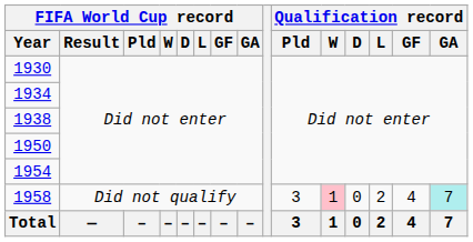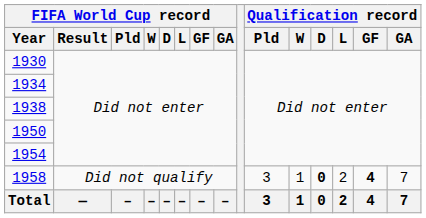 <table class="wikitable" style="text-align: center;">
 <tr>
 <th colspan=8><a href='#'>FIFA World Cup</a> record</th>
 <th rowspan=9></th>
 <th colspan=6><a href='#'>Qualification</a> record</th>
 </tr>
 <tr>
 <th>Year</th>
 <th>Result</th>
 <th>Pld</th>
 <th>W</th>
 <th>D</th>
 <th>L</th>
 <th>GF</th>
 <th>GA</th>
 <th>Pld</th>
 <th>W</th>
 <th>D</th>
 <th>L</th>
 <th>GF</th>
 <th>GA</th>
 </tr>
 <tr>
 <td> <a href='#'>1930</a></td>
 <td colspan=8 rowspan=5><em>Did not enter</em></td>
 <td colspan=6 rowspan=5><em>Did not enter</em></td>
 </tr>
 <tr>
 <td> <a href='#'>1934</a></td>
 </tr>
 <tr>
 <td> <a href='#'>1938</a></td>
 </tr>
 <tr>
 <td> <a href='#'>1950</a></td>
 </tr>
 <tr>
 <td> <a href='#'>1954</a></td>
 </tr>
 <tr>
 <td> <a href='#'>1958</a></td>
 <td colspan=8><em>Did not qualify</em></td>
 <td>3</td>
-<td style="background: pink;">1</td>
-<td>0</td>
+<td>1</td>
+<td><strong>0</strong></td>
 <td>2</td>
-<td>4</td>
-<td style="background: paleturquoise;">7</td>
+<td><strong>4</strong></td>
+<td>7</td>
 </tr>
 <tr>
 <th>Total</th>
 <th>—</th>
 <th>–</th>
 <th>–</th>
 <th>–</th>
 <th>–</th>
 <th>–</th>
 <th>–</th>
 <th>3</th>
 <th>1</th>
 <th>0</th>
 <th>2</th>
 <th>4</th>
 <th>7</th>
 </tr>
 </table>
